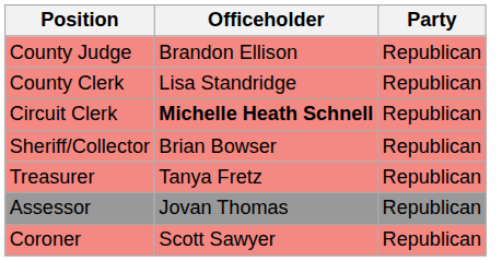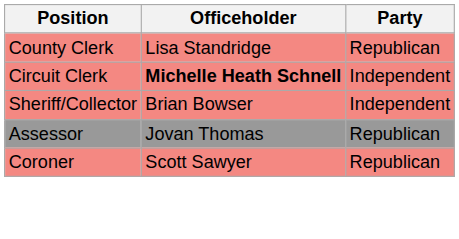 <table class="wikitable">
 <tr>
 <th>Position</th>
 <th>Officeholder</th>
 <th>Party</th>
-</tr>
-<tr style="background-color:#F48882;">
-<td>County Judge</td>
-<td>Brandon Ellison</td>
-<td>Republican</td>
 </tr>
 <tr style="background-color:#F48882;">
 <td>County Clerk</td>
 <td>Lisa Standridge</td>
 <td>Republican</td>
 </tr>
 <tr style="background-color:#F48882;">
 <td>Circuit Clerk</td>
 <td><strong>Michelle Heath Schnell</strong></td>
-<td>Republican</td>
+<td>Independent</td>
 </tr>
 <tr style="background-color:#F48882;">
 <td>Sheriff/Collector</td>
 <td>Brian Bowser</td>
-<td>Republican</td>
-</tr>
-<tr style="background-color:#F48882;">
-<td>Treasurer</td>
-<td>Tanya Fretz</td>
-<td>Republican</td>
+<td>Independent</td>
 </tr>
 <tr style="background-color:#999999;">
 <td>Assessor</td>
 <td>Jovan Thomas</td>
 <td>Republican</td>
 </tr>
 <tr style="background-color:#F48882;">
 <td>Coroner</td>
 <td>Scott Sawyer</td>
 <td>Republican</td>
 </tr>
 </table>
